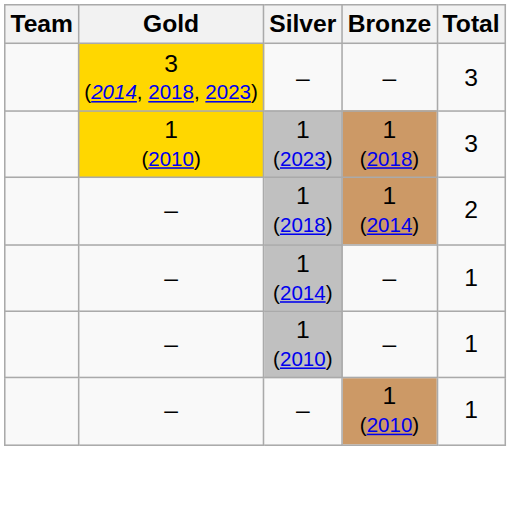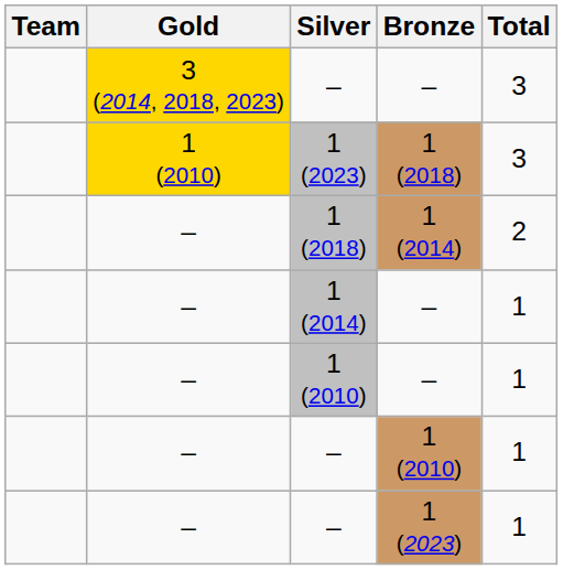 <table class="wikitable" style="text-align: center;">
 <tr>
 <th>Team</th>
 <th>Gold</th>
 <th>Silver</th>
 <th>Bronze</th>
 <th>Total</th>
 </tr>
 <tr>
 <td align=left><strong></strong></td>
 <td style="background:gold">3<br><small>(<em><a href='#'>2014</a></em>, <a href='#'>2018</a>, <a href='#'>2023</a>)</small></td>
 <td>–</td>
 <td>–</td>
 <td>3</td>
 </tr>
 <tr>
 <td align=left><strong></strong></td>
 <td style="background:gold">1<br><small>(<a href='#'>2010</a>)</small></td>
 <td style="background:silver">1<br><small>(<a href='#'>2023</a>)</small></td>
 <td style="background:#c96">1<br><small>(<a href='#'>2018</a>)</small></td>
 <td>3</td>
 </tr>
 <tr>
 <td align=left></td>
 <td>–</td>
 <td style="background:silver">1<br><small>(<a href='#'>2018</a>)</small></td>
 <td style="background:#c96">1<br><small>(<a href='#'>2014</a>)</small></td>
 <td>2</td>
 </tr>
 <tr>
 <td align=left></td>
 <td>–</td>
 <td style="background:silver">1<br><small>(<a href='#'>2014</a>)</small></td>
 <td>–</td>
 <td>1</td>
 </tr>
 <tr>
 <td align=left></td>
 <td>–</td>
 <td style="background:silver">1<br><small>(<a href='#'>2010</a>)</small></td>
 <td>–</td>
 <td>1</td>
 </tr>
 <tr>
 <td align=left></td>
 <td>–</td>
 <td>–</td>
 <td style="background:#c96">1<br><small>(<a href='#'>2010</a>)</small></td>
 <td>1</td>
 </tr>
+<tr>
+<td align=left></td>
+<td>–</td>
+<td>–</td>
+<td style="background:#c96">1<br><small>(<em><a href='#'>2023</a></em>)</small></td>
+<td>1</td>
+</tr>
 </table>
